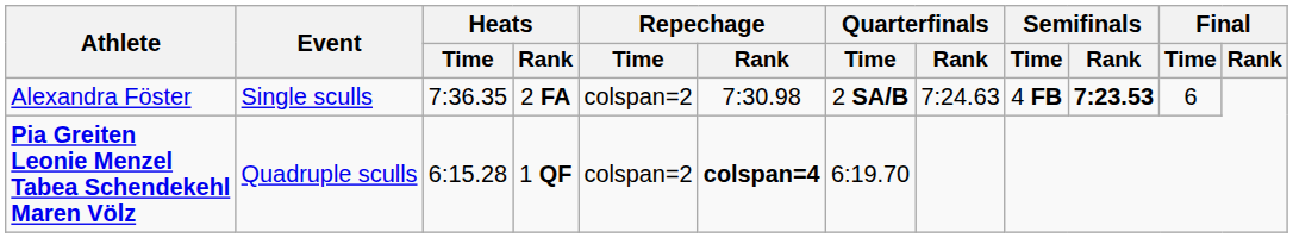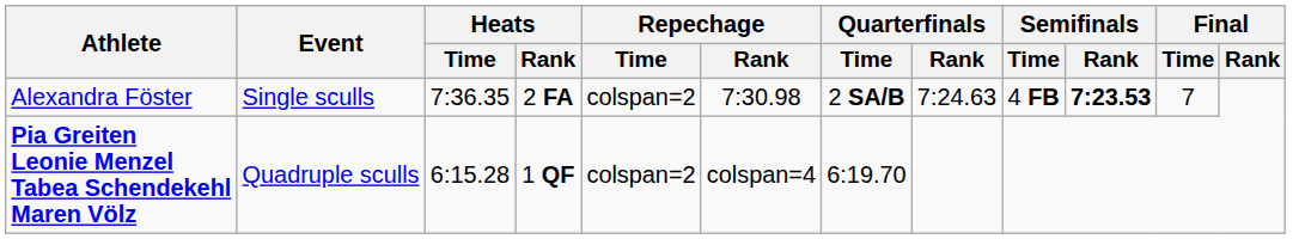 <table class=wikitable style=font-size:90%;text-align:center>
 <tr>
 <th rowspan=2>Athlete</th>
 <th rowspan=2>Event</th>
 <th colspan=2>Heats</th>
 <th colspan=2>Repechage</th>
 <th colspan=2>Quarterfinals</th>
 <th colspan=2>Semifinals</th>
 <th colspan=2>Final</th>
 </tr>
 <tr style=font-size:95%>
 <th>Time</th>
 <th>Rank</th>
 <th>Time</th>
 <th>Rank</th>
 <th>Time</th>
 <th>Rank</th>
 <th>Time</th>
 <th>Rank</th>
 <th>Time</th>
 <th>Rank</th>
 </tr>
 <tr>
 <td align=left><a href='#'>Alexandra Föster</a></td>
 <td align=left><a href='#'>Single sculls</a></td>
 <td>7:36.35</td>
 <td>2 <strong>FA</strong></td>
 <td>colspan=2 </td>
 <td>7:30.98</td>
 <td>2 <strong>SA/B</strong></td>
 <td>7:24.63</td>
 <td>4 <strong>FB</strong></td>
 <td><strong>7:23.53</strong></td>
-<td>6</td>
+<td>7</td>
 </tr>
 <tr>
 <td align=left><strong><a href='#'>Pia Greiten</a><br><a href='#'>Leonie Menzel</a><br><a href='#'>Tabea Schendekehl</a><br><a href='#'>Maren Völz</a></strong></td>
 <td align=left><a href='#'>Quadruple sculls</a></td>
 <td>6:15.28</td>
 <td>1 <strong>QF</strong></td>
 <td>colspan=2</td>
-<td><strong>colspan=4</strong></td>
+<td>colspan=4</td>
 <td>6:19.70</td>
 <td></td>
 </tr>
 </table>
